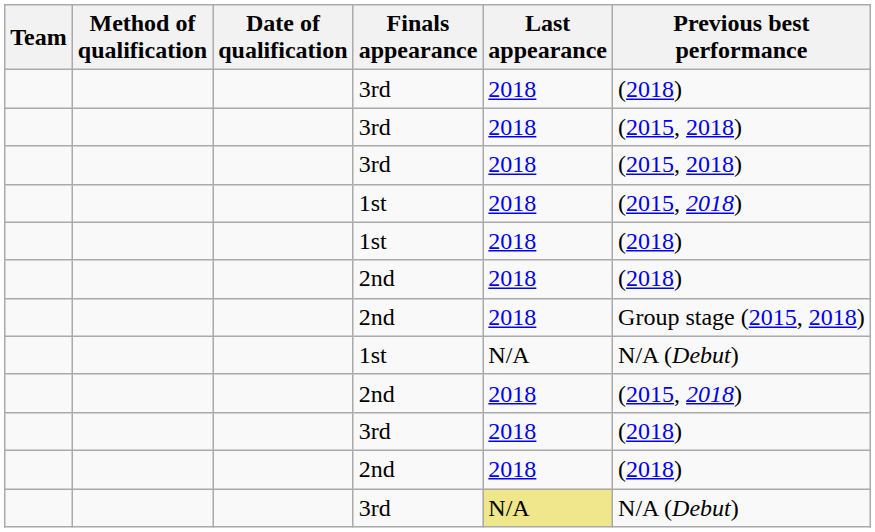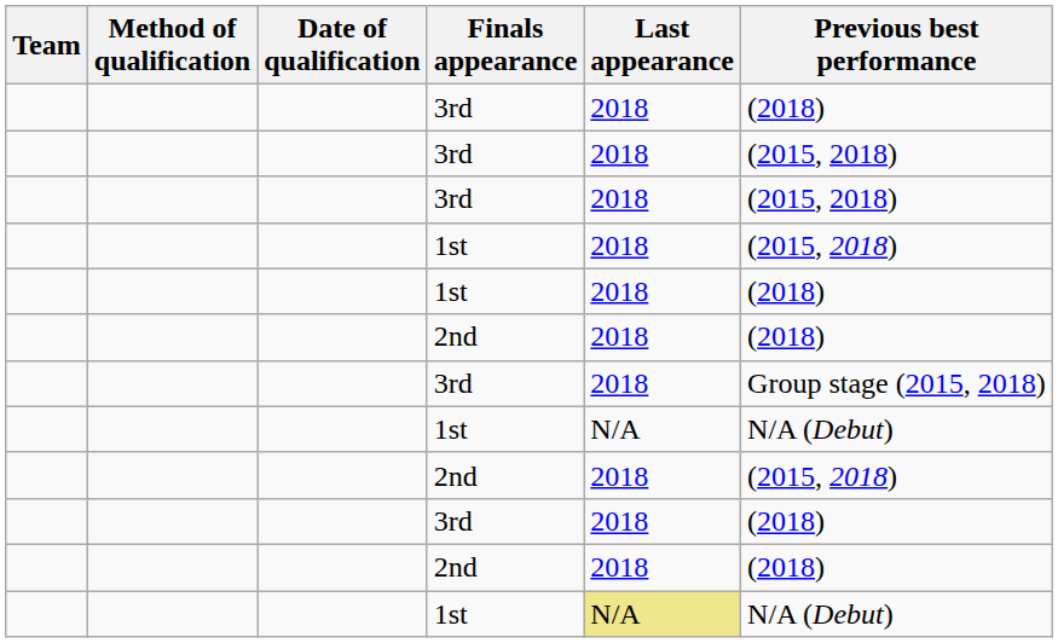 <table class="wikitable sortable" style="text-align:left;">
 <tr>
 <th>Team</th>
 <th>Method of<br>qualification</th>
 <th>Date of<br>qualification</th>
 <th data-sort-type="number">Finals<br>appearance</th>
 <th>Last<br>appearance</th>
 <th>Previous best<br>performance</th>
 </tr>
 <tr>
 <td></td>
 <td></td>
 <td></td>
 <td>3rd</td>
 <td><a href='#'>2018</a></td>
 <td> (<a href='#'>2018</a>)</td>
 </tr>
 <tr>
 <td></td>
 <td></td>
 <td></td>
 <td>3rd</td>
 <td><a href='#'>2018</a></td>
 <td> (<a href='#'>2015</a>, <a href='#'>2018</a>)</td>
 </tr>
 <tr>
 <td></td>
 <td></td>
 <td></td>
 <td>3rd</td>
 <td><a href='#'>2018</a></td>
 <td> (<a href='#'>2015</a>, <a href='#'>2018</a>)</td>
 </tr>
 <tr>
 <td></td>
 <td></td>
 <td></td>
 <td>1st</td>
 <td><a href='#'>2018</a></td>
 <td> (<a href='#'>2015</a>, <em><a href='#'>2018</a></em>)</td>
 </tr>
 <tr>
 <td></td>
 <td></td>
 <td></td>
 <td>1st</td>
 <td><a href='#'>2018</a></td>
 <td> (<a href='#'>2018</a>)</td>
 </tr>
 <tr>
 <td></td>
 <td></td>
 <td></td>
 <td>2nd</td>
 <td><a href='#'>2018</a></td>
 <td> (<a href='#'>2018</a>)</td>
 </tr>
 <tr>
 <td></td>
 <td></td>
 <td></td>
-<td>2nd</td>
+<td>3rd</td>
 <td><a href='#'>2018</a></td>
 <td>Group stage (<a href='#'>2015</a>, <a href='#'>2018</a>)</td>
 </tr>
 <tr>
 <td></td>
 <td></td>
 <td></td>
 <td>1st</td>
 <td>N/A</td>
 <td>N/A (<em>Debut</em>)</td>
 </tr>
 <tr>
 <td></td>
 <td></td>
 <td></td>
 <td>2nd</td>
 <td><a href='#'>2018</a></td>
 <td> (<a href='#'>2015</a>, <em><a href='#'>2018</a></em>)</td>
 </tr>
 <tr>
 <td></td>
 <td></td>
 <td></td>
 <td>3rd</td>
 <td><a href='#'>2018</a></td>
 <td> (<a href='#'>2018</a>)</td>
 </tr>
 <tr>
 <td></td>
 <td></td>
 <td></td>
 <td>2nd</td>
 <td><a href='#'>2018</a></td>
 <td> (<a href='#'>2018</a>)</td>
 </tr>
 <tr>
 <td></td>
 <td></td>
 <td></td>
-<td>3rd</td>
+<td>1st</td>
 <td style="background: khaki;">N/A</td>
 <td>N/A (<em>Debut</em>)</td>
 </tr>
 </table>
